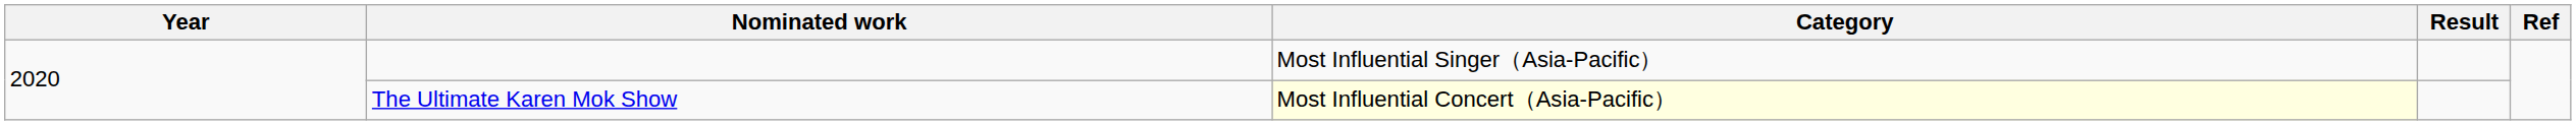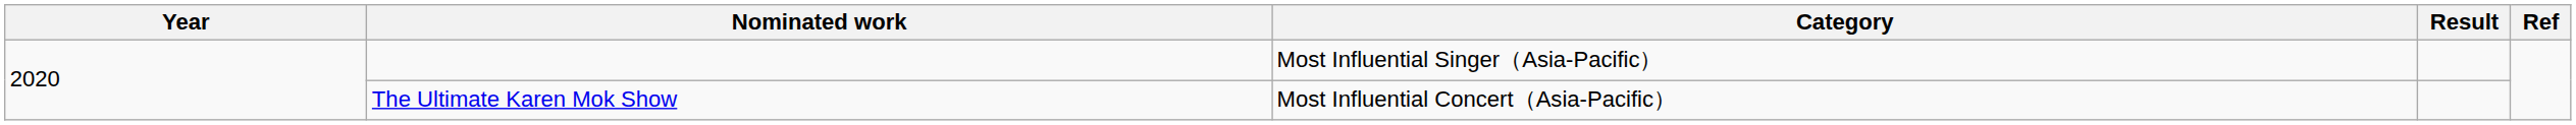 <table class="wikitable"  width="92%">
 <tr>
 <th width="12%">Year</th>
 <th width="30%">Nominated work</th>
 <th width="38%">Category</th>
 <th width="3%">Result</th>
 <th width="2%">Ref</th>
 </tr>
 <tr>
 <td rowspan=2>2020</td>
 <td></td>
 <td>Most Influential Singer（Asia-Pacific）</td>
 <td></td>
 <td rowspan=2></td>
 </tr>
 <tr>
 <td><a href='#'>The Ultimate Karen Mok Show</a></td>
-<td style="background: lightyellow;">Most Influential Concert（Asia-Pacific）</td>
+<td>Most Influential Concert（Asia-Pacific）</td>
 <td></td>
 </tr>
 </table>
